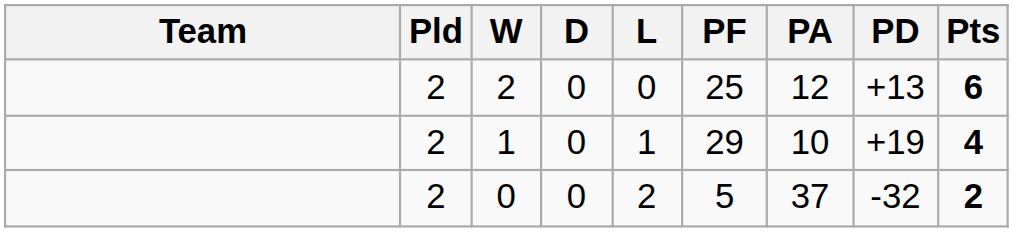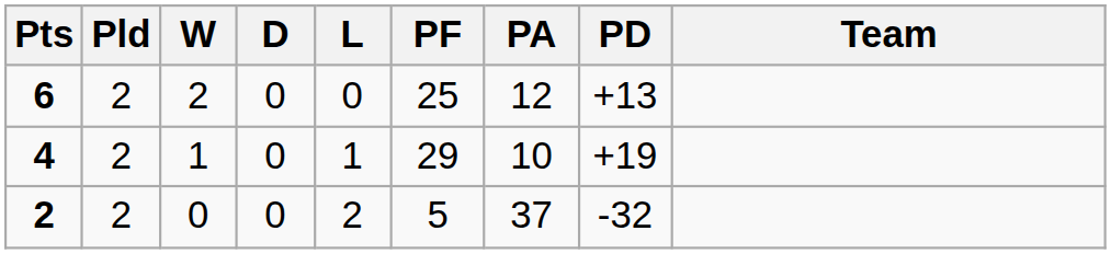 <table class="wikitable" style="text-align:center;">
 <tr>
-<th width=175>Team</th>
+<th width=25 abbr="Points">Pts</th>
 <th width=25 abbr="Played">Pld</th>
 <th width=25 abbr="Won">W</th>
 <th width=25 abbr="Drawn">D</th>
 <th width=25 abbr="Lost">L</th>
 <th width=32 abbr="Points for">PF</th>
 <th width=32 abbr="Points against">PA</th>
 <th width=32 abbr="Points difference">PD</th>
-<th width=25 abbr="Points">Pts</th>
+<th width=175>Team</th>
 </tr>
 <tr>
-<td align=left></td>
+<td><strong>6</strong></td>
 <td>2</td>
 <td>2</td>
 <td>0</td>
 <td>0</td>
 <td>25</td>
 <td>12</td>
 <td>+13</td>
-<td><strong>6</strong></td>
+<td align=left></td>
 </tr>
 <tr>
-<td align=left></td>
+<td><strong>4</strong></td>
 <td>2</td>
 <td>1</td>
 <td>0</td>
 <td>1</td>
 <td>29</td>
 <td>10</td>
 <td>+19</td>
-<td><strong>4</strong></td>
+<td align=left></td>
 </tr>
 <tr>
-<td align=left></td>
+<td><strong>2</strong></td>
 <td>2</td>
 <td>0</td>
 <td>0</td>
 <td>2</td>
 <td>5</td>
 <td>37</td>
 <td>-32</td>
-<td><strong>2</strong></td>
+<td align=left></td>
 </tr>
 </table>
